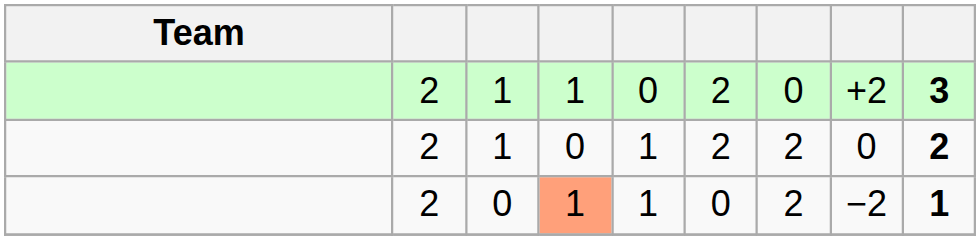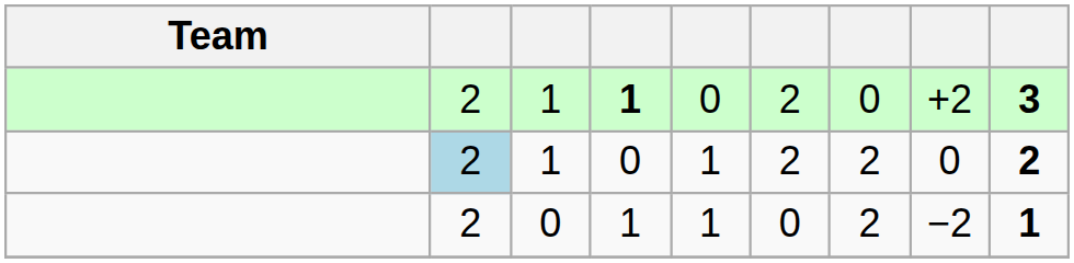 <table class="wikitable" style="text-align: center;">
 <tr>
 <th width="165">Team</th>
 <th width="25"></th>
 <th width="25"></th>
 <th width="25"></th>
 <th width="25"></th>
 <th width="25"></th>
 <th width="25"></th>
 <th width="25"></th>
 <th width="25"></th>
 </tr>
 <tr bgcolor="#ccffcc">
 <td style="text-align:left;"></td>
 <td>2</td>
 <td>1</td>
-<td>1</td>
+<td><strong>1</strong></td>
 <td>0</td>
 <td>2</td>
 <td>0</td>
 <td>+2</td>
 <td><strong>3</strong></td>
 </tr>
 <tr>
 <td style="text-align:left;"></td>
-<td>2</td>
+<td style="background: lightblue;">2</td>
 <td>1</td>
 <td>0</td>
 <td>1</td>
 <td>2</td>
 <td>2</td>
 <td>0</td>
 <td><strong>2</strong></td>
 </tr>
 <tr>
 <td style="text-align:left;"></td>
 <td>2</td>
 <td>0</td>
-<td style="background: lightsalmon;">1</td>
+<td>1</td>
 <td>1</td>
 <td>0</td>
 <td>2</td>
 <td>−2</td>
 <td><strong>1</strong></td>
 </tr>
 <tr>
 </tr>
 </table>
